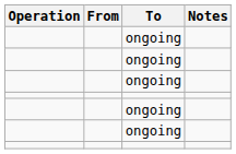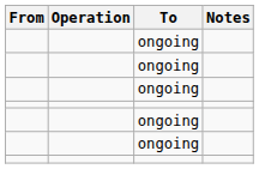 <table class="wikitable sortable">
 <tr>
+<th>From</th>
 <th>Operation</th>
-<th>From</th>
 <th>To</th>
 <th>Notes</th>
 </tr>
 <tr>
+<td align=right></td>
 <td></td>
-<td align=right></td>
 <td align=right>ongoing</td>
 <td></td>
 </tr>
 <tr>
+<td align=right></td>
 <td></td>
-<td align=right></td>
 <td align=right>ongoing</td>
 <td></td>
 </tr>
 <tr>
+<td align=right></td>
 <td></td>
-<td align=right></td>
 <td align=right>ongoing</td>
 <td></td>
 </tr>
 <tr>
+<td align=right></td>
 <td></td>
-<td align=right></td>
 <td align=right></td>
 <td></td>
 </tr>
 <tr>
+<td align=right></td>
 <td></td>
-<td align=right></td>
 <td align=right>ongoing</td>
 <td></td>
 </tr>
 <tr>
+<td align=right></td>
 <td></td>
-<td align=right></td>
 <td align=right>ongoing</td>
 <td></td>
 </tr>
 <tr>
+<td align=right></td>
 <td></td>
-<td align=right></td>
 <td align=right></td>
 <td></td>
 </tr>
 </table>
